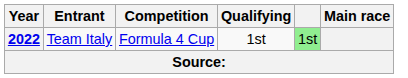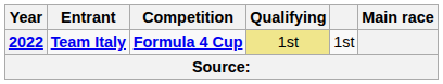 <table class="wikitable" style="text-align:center; font-size:90%;">
 <tr>
 <th>Year</th>
 <th>Entrant</th>
 <th>Competition</th>
 <th>Qualifying</th>
 <th></th>
 <th>Main race</th>
 </tr>
 <tr>
 <th><a href='#'>2022</a></th>
-<td align=left nowrap> <a href='#'>Team Italy</a></td>
-<td><a href='#'>Formula 4 Cup</a></td>
+<td align=left nowrap><strong> <a href='#'>Team Italy</a></strong></td>
+<td><strong><a href='#'>Formula 4 Cup</a></strong></td>
+<td style="background: khaki;">1st</td>
 <td>1st</td>
-<td style="background: lightgreen;">1st</td>
 <th></th>
 </tr>
 <tr>
 <th colspan="100">Source:</th>
 </tr>
 </table>
